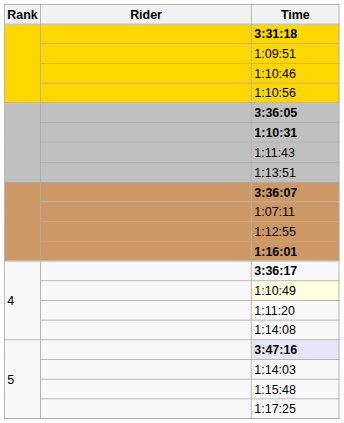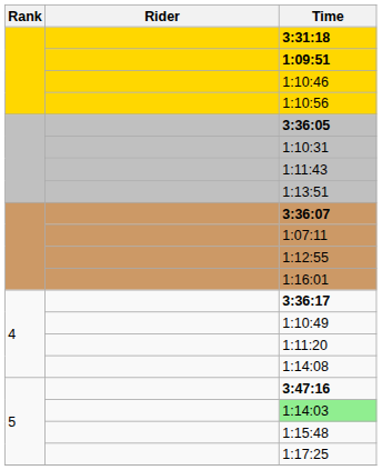 <table class="wikitable" style="font-size:95%" style="width:35em;" style="text-align:center">
 <tr>
 <th>Rank</th>
 <th width=250>Rider</th>
 <th width=100>Time</th>
 </tr>
 <tr bgcolor=gold>
 <td rowspan=4></td>
 <td align=left><strong></strong></td>
 <td><strong>3:31:18</strong></td>
 </tr>
 <tr bgcolor=gold>
 <td align=left></td>
-<td>1:09:51</td>
+<td><strong>1:09:51</strong></td>
 </tr>
 <tr bgcolor=gold>
 <td align=left></td>
 <td>1:10:46</td>
 </tr>
 <tr bgcolor=gold>
 <td align=left></td>
 <td>1:10:56</td>
 </tr>
 <tr bgcolor=silver>
 <td rowspan=4></td>
 <td align=left><strong></strong></td>
 <td><strong>3:36:05</strong></td>
 </tr>
 <tr bgcolor=silver>
 <td align=left></td>
-<td><strong>1:10:31</strong></td>
+<td>1:10:31</td>
 </tr>
 <tr bgcolor=silver>
 <td align=left></td>
 <td>1:11:43</td>
 </tr>
 <tr bgcolor=silver>
 <td align=left></td>
 <td>1:13:51</td>
 </tr>
 <tr bgcolor=cc9966>
 <td rowspan=4></td>
 <td align=left><strong></strong></td>
 <td><strong>3:36:07</strong></td>
 </tr>
 <tr bgcolor=cc9966>
 <td align=left></td>
 <td>1:07:11</td>
 </tr>
 <tr bgcolor=cc9966>
 <td align=left></td>
 <td>1:12:55</td>
 </tr>
 <tr bgcolor=cc9966>
 <td align=left></td>
-<td><strong>1:16:01</strong></td>
+<td>1:16:01</td>
 </tr>
 <tr>
 <td rowspan=4>4</td>
 <td align=left><strong></strong></td>
 <td><strong>3:36:17</strong></td>
 </tr>
 <tr>
 <td align=left></td>
-<td style="background: lightyellow;">1:10:49</td>
+<td>1:10:49</td>
 </tr>
 <tr>
 <td align=left></td>
 <td>1:11:20</td>
 </tr>
 <tr>
 <td align=left></td>
 <td>1:14:08</td>
 </tr>
 <tr>
 <td rowspan=4>5</td>
 <td align=left><strong></strong></td>
-<td style="background: lavender;"><strong>3:47:16</strong></td>
+<td><strong>3:47:16</strong></td>
 </tr>
 <tr>
 <td align=left></td>
-<td>1:14:03</td>
+<td style="background: lightgreen;">1:14:03</td>
 </tr>
 <tr>
 <td align=left></td>
 <td>1:15:48</td>
 </tr>
 <tr>
 <td align=left></td>
 <td>1:17:25</td>
 </tr>
 <tr>
 </tr>
 </table>
